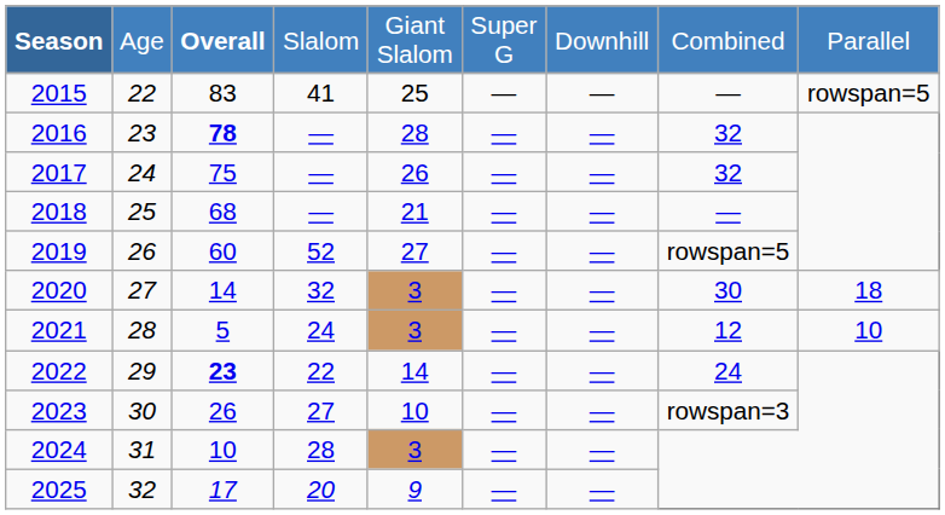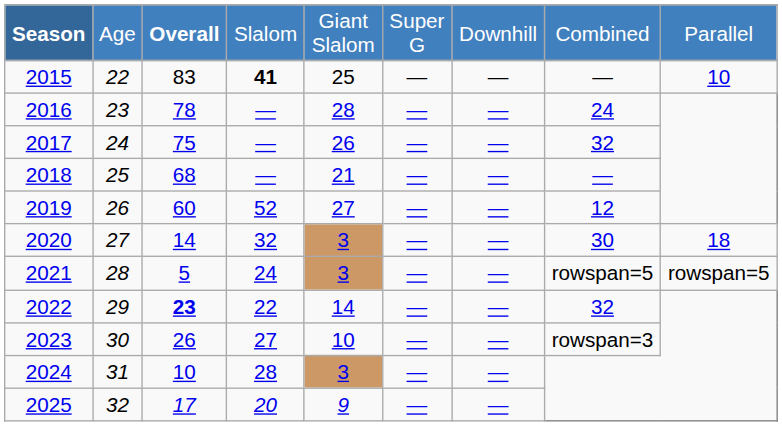 <table class="wikitable" style="font-size:95%; text-align:center; border:grey solid 1px; border-collapse:collapse;" width="45%">
 <tr style="background-color:#369; color:white;">
 <td rowspan="2" colspan="1" width="5%"><strong>Season</strong></td>
 </tr>
 <tr style="background-color:#4180be; color:white;">
 <td width="3%">Age</td>
 <td width="5%"><strong>Overall</strong></td>
 <td width="5%">Slalom</td>
 <td width="5%">Giant<br>Slalom</td>
 <td width="5%">Super G</td>
 <td width="5%">Downhill</td>
 <td width="5%">Combined</td>
 <td width="5%">Parallel</td>
 </tr>
 <tr style="background-color:#8CB2D8; color:white;">
 </tr>
 <tr>
 <td><a href='#'>2015</a></td>
 <td><em>22</em></td>
 <td>83</td>
-<td>41</td>
+<td><strong>41</strong></td>
 <td>25</td>
 <td>—</td>
 <td>—</td>
 <td>—</td>
-<td>rowspan=5 </td>
+<td><a href='#'>10</a></td>
 </tr>
 <tr>
 <td><a href='#'>2016</a></td>
 <td><em>23</em></td>
-<td><strong><a href='#'>78</a></strong></td>
+<td><a href='#'>78</a></td>
 <td><a href='#'>—</a></td>
 <td><a href='#'>28</a></td>
 <td><a href='#'>—</a></td>
 <td><a href='#'>—</a></td>
-<td><a href='#'>32</a></td>
+<td><a href='#'>24</a></td>
 </tr>
 <tr>
 <td><a href='#'>2017</a></td>
 <td><em>24</em></td>
 <td><a href='#'>75</a></td>
 <td><a href='#'>—</a></td>
 <td><a href='#'>26</a></td>
 <td><a href='#'>—</a></td>
 <td><a href='#'>—</a></td>
 <td><a href='#'>32</a></td>
 </tr>
 <tr>
 <td><a href='#'>2018</a></td>
 <td><em>25</em></td>
 <td><a href='#'>68</a></td>
 <td><a href='#'>—</a></td>
 <td><a href='#'>21</a></td>
 <td><a href='#'>—</a></td>
 <td><a href='#'>—</a></td>
 <td><a href='#'>—</a></td>
 </tr>
 <tr>
 <td><a href='#'>2019</a></td>
 <td><em>26</em></td>
 <td><a href='#'>60</a></td>
 <td><a href='#'>52</a></td>
 <td><a href='#'>27</a></td>
 <td><a href='#'>—</a></td>
 <td><a href='#'>—</a></td>
-<td>rowspan=5 </td>
+<td><a href='#'>12</a></td>
 </tr>
 <tr>
 <td><a href='#'>2020</a></td>
 <td><em>27</em></td>
 <td><a href='#'>14</a></td>
 <td><a href='#'>32</a></td>
 <td bgcolor="cc9966"><a href='#'>3</a></td>
 <td><a href='#'>—</a></td>
 <td><a href='#'>—</a></td>
 <td><a href='#'>30</a></td>
 <td><a href='#'>18</a></td>
 </tr>
 <tr>
 <td><a href='#'>2021</a></td>
 <td><em>28</em></td>
 <td><a href='#'>5</a></td>
 <td><a href='#'>24</a></td>
 <td bgcolor="cc9966"><a href='#'>3</a></td>
 <td><a href='#'>—</a></td>
 <td><a href='#'>—</a></td>
-<td><a href='#'>12</a></td>
-<td><a href='#'>10</a></td>
+<td>rowspan=5 </td>
+<td>rowspan=5 </td>
 </tr>
 <tr>
 <td><a href='#'>2022</a></td>
 <td><em>29</em></td>
 <td><strong><a href='#'>23</a></strong></td>
 <td><a href='#'>22</a></td>
 <td><a href='#'>14</a></td>
 <td><a href='#'>—</a></td>
 <td><a href='#'>—</a></td>
-<td><a href='#'>24</a></td>
+<td><a href='#'>32</a></td>
 </tr>
 <tr>
 <td><a href='#'>2023</a></td>
 <td><em>30</em></td>
 <td><a href='#'>26</a></td>
 <td><a href='#'>27</a></td>
 <td><a href='#'>10</a></td>
 <td><a href='#'>—</a></td>
 <td><a href='#'>—</a></td>
 <td>rowspan=3 </td>
 </tr>
 <tr>
 <td><a href='#'>2024</a></td>
 <td><em>31</em></td>
 <td><a href='#'>10</a></td>
 <td><a href='#'>28</a></td>
 <td bgcolor="cc9966"><a href='#'>3</a></td>
 <td><a href='#'>—</a></td>
 <td><a href='#'>—</a></td>
 </tr>
 <tr>
 <td><a href='#'>2025</a></td>
 <td><em>32</em></td>
 <td><a href='#'><em>17</em></a></td>
 <td><a href='#'><em>20</em></a></td>
 <td><a href='#'><em>9</em></a></td>
 <td><a href='#'>—</a></td>
 <td><a href='#'>—</a></td>
 </tr>
 </table>
